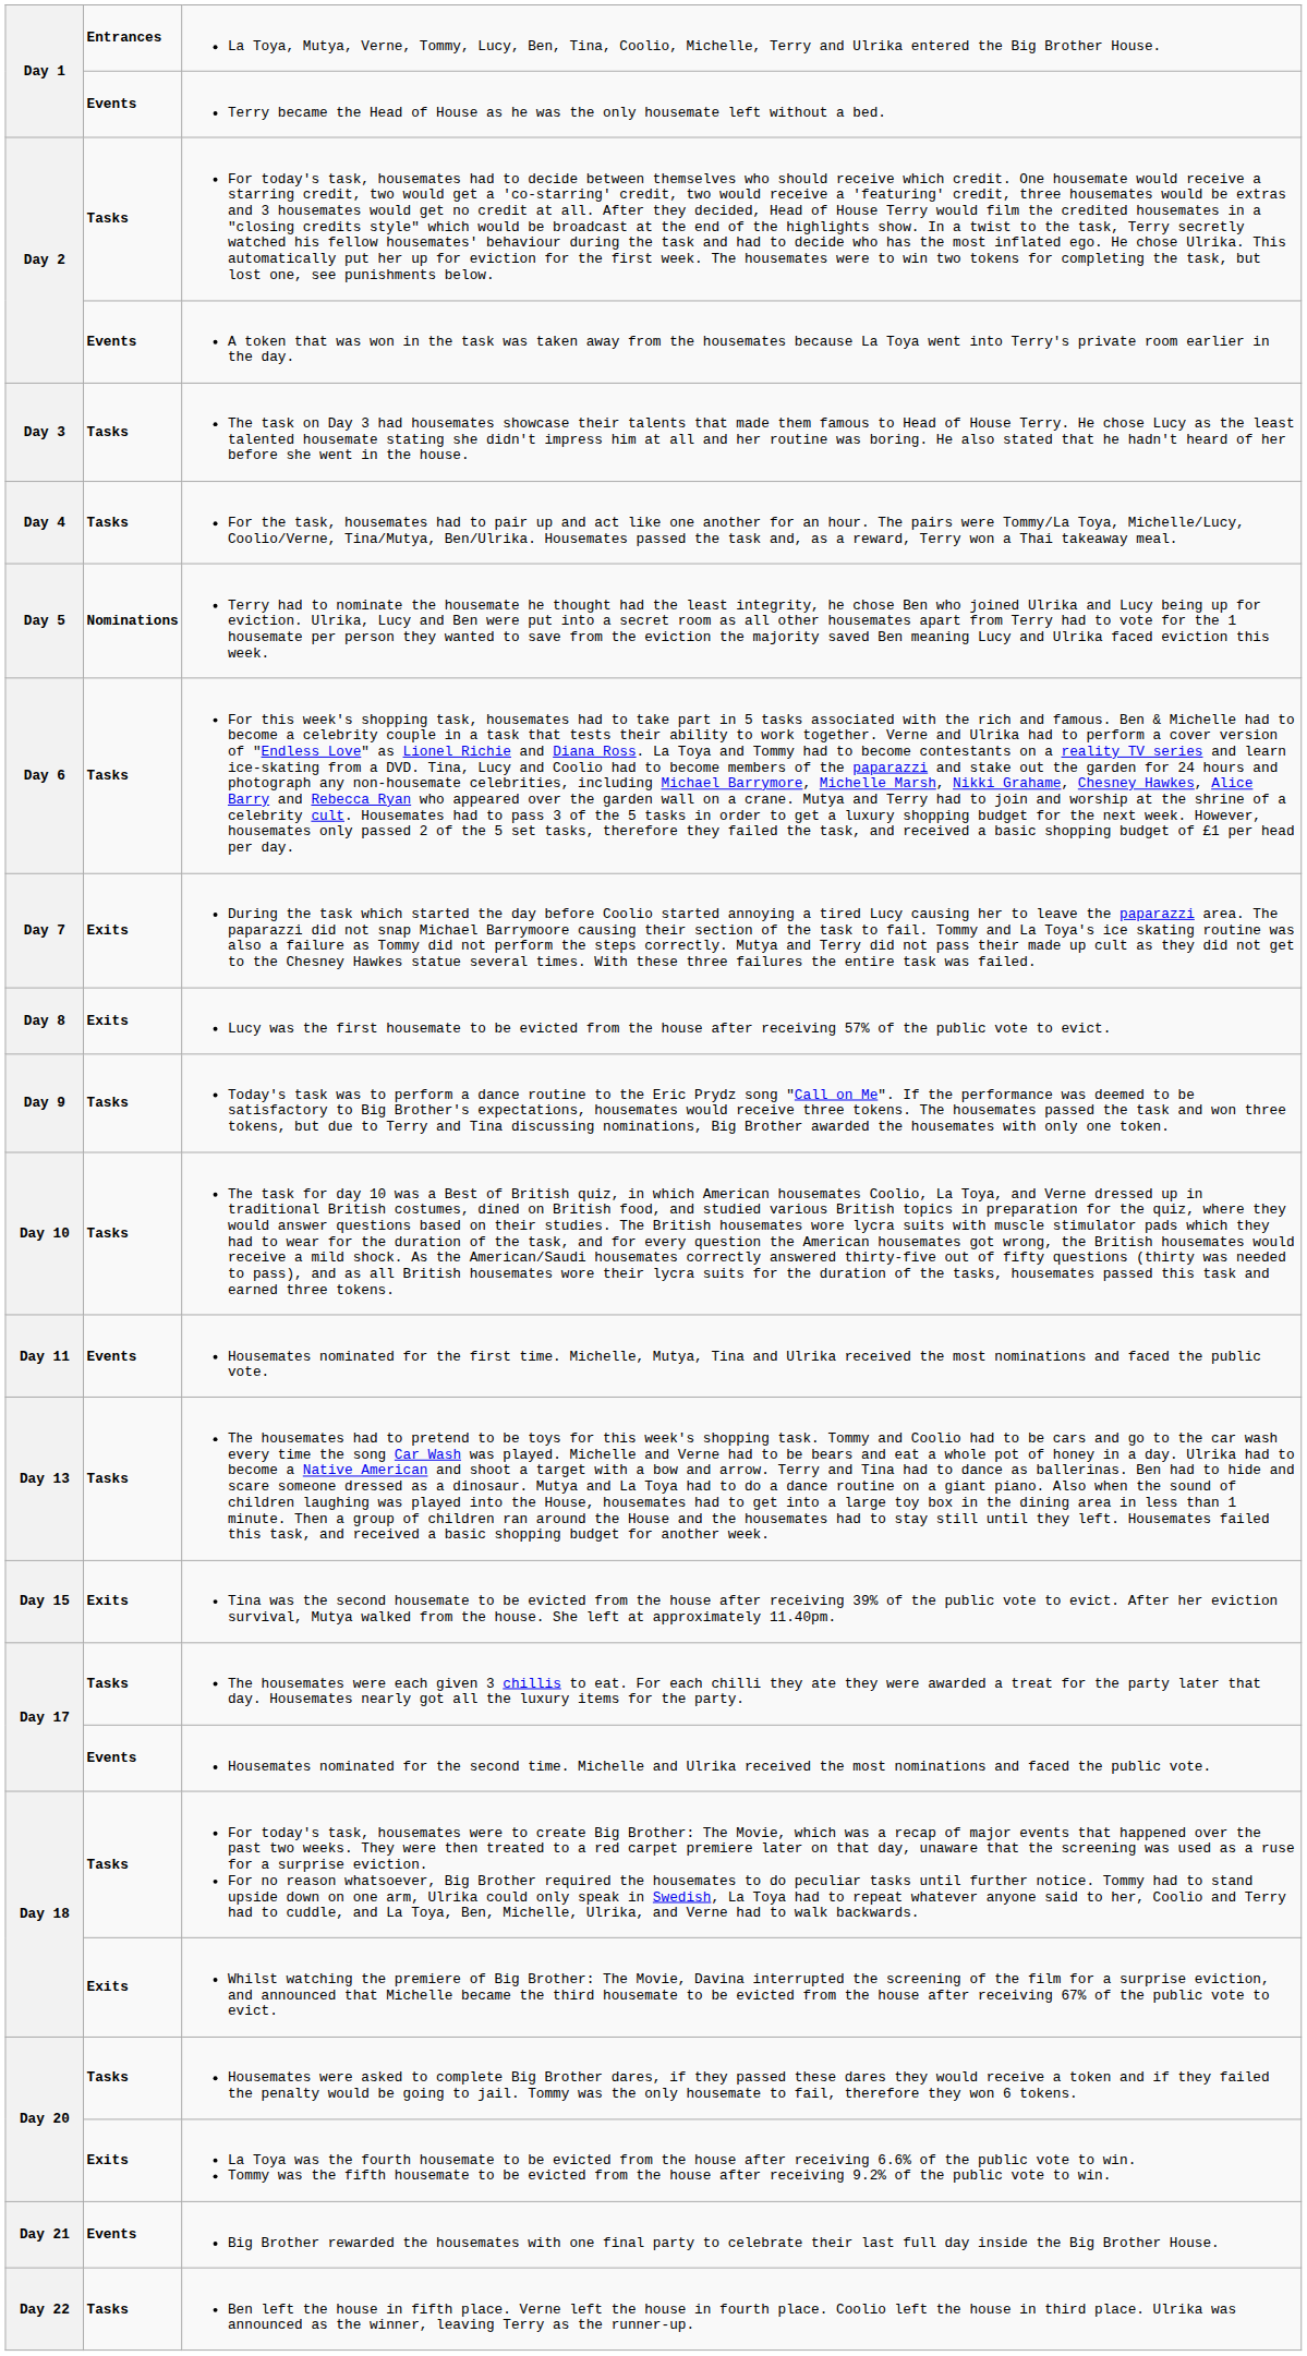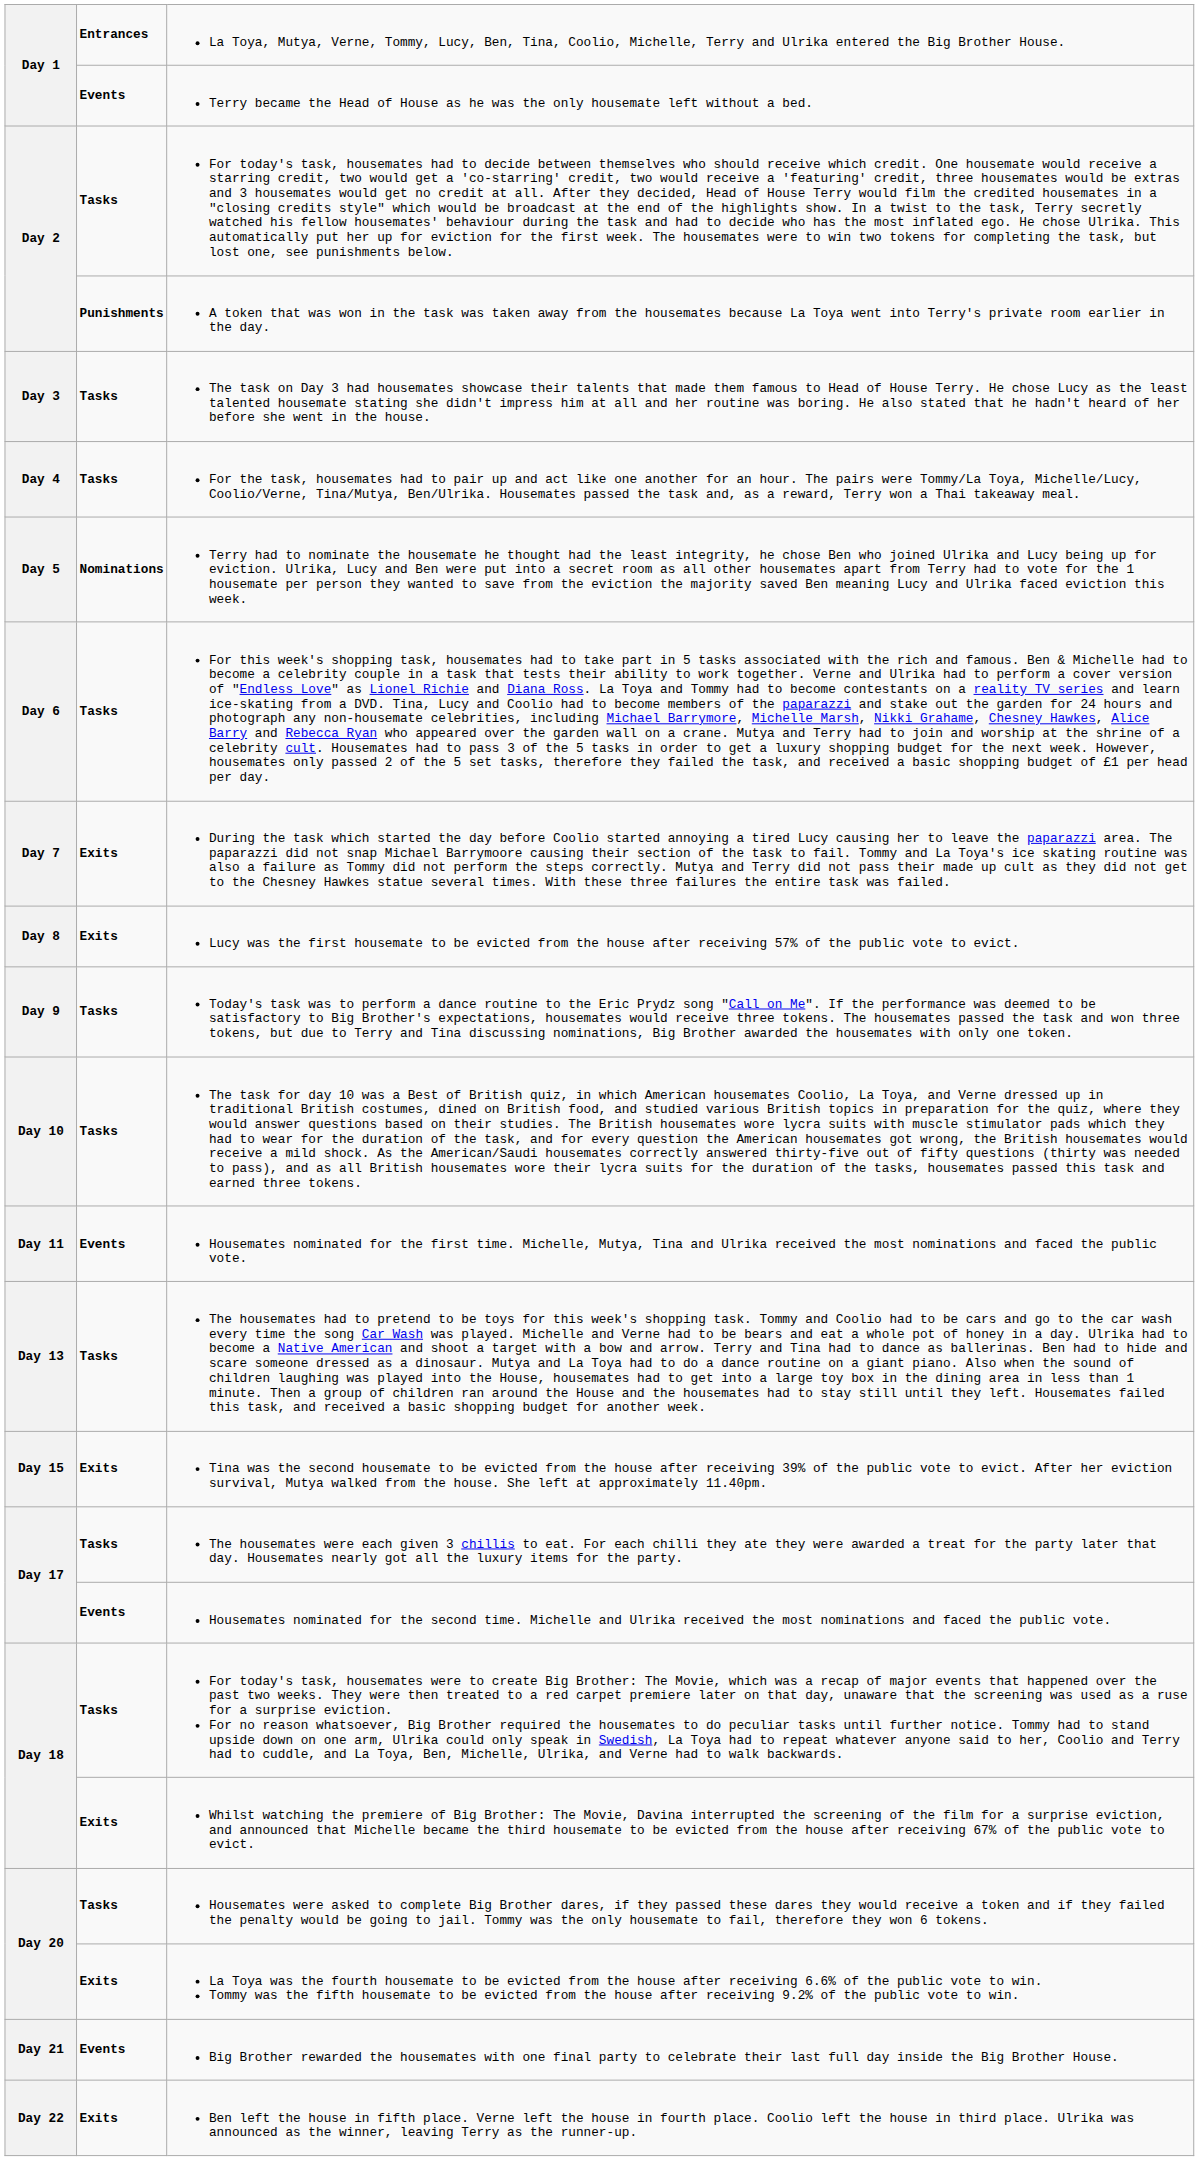 <table class="wikitable" style="width: 96%; margin-left: auto; margin-right: auto;">
 <tr>
 <th rowspan=2 style="width: 6%;"><strong>Day 1</strong></th>
 <td><strong>Entrances</strong></td>
 <td><br><ul><li>La Toya, Mutya, Verne, Tommy, Lucy, Ben, Tina, Coolio, Michelle, Terry and Ulrika entered the Big Brother House.</li></ul></td>
 </tr>
 <tr>
 <td><strong>Events</strong></td>
 <td><br><ul><li>Terry became the Head of House as he was the only housemate left without a bed.</li></ul></td>
 </tr>
 <tr>
 <th rowspan="2" style="width: 6%;"><strong>Day 2</strong></th>
 <td><strong>Tasks</strong></td>
 <td><br><ul><li>For today's task, housemates had to decide between themselves who should receive which credit. One housemate would receive a starring credit, two would get a 'co-starring' credit, two would receive a 'featuring' credit, three housemates would be extras and 3 housemates would get no credit at all. After they decided, Head of House Terry would film the credited housemates in a "closing credits style" which would be broadcast at the end of the highlights show. In a twist to the task, Terry secretly watched his fellow housemates'  behaviour during the task and had to decide who has the most inflated ego. He chose Ulrika. This automatically put her up for eviction for the first week. The housemates were to win two tokens for completing the task, but lost one, see punishments below.</li></ul></td>
 </tr>
 <tr>
-<td><strong>Events</strong></td>
+<td><strong>Punishments</strong></td>
 <td><br><ul><li>A token that was won in the task was taken away from the housemates because La Toya went into Terry's private room earlier in the day.</li></ul></td>
 </tr>
 <tr>
 <th style="width: 6%;"><strong>Day 3</strong></th>
 <td><strong>Tasks</strong></td>
 <td><br><ul><li>The task on Day 3 had housemates showcase their talents that made them famous to Head of House Terry. He chose Lucy as the least talented housemate stating she didn't impress him at all and her routine was boring. He also stated that he hadn't heard of her before she went in the house.</li></ul></td>
 </tr>
 <tr>
 <th style="width: 6%;"><strong>Day 4</strong></th>
 <td><strong>Tasks</strong></td>
 <td><br><ul><li>For the task, housemates had to pair up and act like one another for an hour. The pairs were Tommy/La Toya, Michelle/Lucy, Coolio/Verne, Tina/Mutya, Ben/Ulrika. Housemates passed the task and, as a reward, Terry won a Thai takeaway meal.</li></ul></td>
 </tr>
 <tr>
 <th style="width: 6%;"><strong>Day 5</strong></th>
 <td><strong>Nominations</strong></td>
 <td><br><ul><li>Terry had to nominate the housemate he thought had the least integrity, he chose Ben who joined Ulrika and Lucy being up for eviction. Ulrika, Lucy and Ben were put into a secret room as all other housemates apart from Terry had to vote for the 1 housemate per person they wanted to save from the eviction the majority saved Ben meaning Lucy and Ulrika faced eviction this week.</li></ul></td>
 </tr>
 <tr>
 <th style="width: 6%;"><strong>Day 6</strong></th>
 <td><strong>Tasks</strong></td>
 <td><br><ul><li>For this week's shopping task, housemates had to take part in 5 tasks associated with the rich and famous. Ben & Michelle had to become a celebrity couple in a task that tests their ability to work together. Verne and Ulrika had to perform a cover version of "<a href='#'>Endless Love</a>" as <a href='#'>Lionel Richie</a> and <a href='#'>Diana Ross</a>. La Toya and Tommy had to become contestants on a <a href='#'>reality TV series</a> and learn ice-skating from a DVD. Tina, Lucy and Coolio had to become members of the <a href='#'>paparazzi</a> and stake out the garden for 24 hours and photograph any non-housemate celebrities, including <a href='#'>Michael Barrymore</a>, <a href='#'>Michelle Marsh</a>, <a href='#'>Nikki Grahame</a>, <a href='#'>Chesney Hawkes</a>, <a href='#'>Alice Barry</a> and <a href='#'>Rebecca Ryan</a> who appeared over the garden wall on a crane. Mutya and Terry had to join and worship at the shrine of a celebrity <a href='#'>cult</a>. Housemates had to pass 3 of the 5 tasks in order to get a luxury shopping budget for the next week. However, housemates only passed 2 of the 5 set tasks, therefore they failed the task, and received a basic shopping budget of £1 per head per day.</li></ul></td>
 </tr>
 <tr>
 <th style="width: 6%;"><strong>Day 7</strong></th>
 <td><strong>Exits</strong></td>
 <td><br><ul><li>During the task which started the day before Coolio started annoying a tired Lucy causing her to leave the <a href='#'>paparazzi</a> area. The paparazzi did not snap Michael Barrymoore causing their section of the task to fail. Tommy and La Toya's ice skating routine was also a failure as Tommy did not perform the steps correctly. Mutya and Terry did not pass their made up cult as they did not get to the Chesney Hawkes statue several times. With these three failures the entire task was failed.</li></ul></td>
 </tr>
 <tr>
 <th style="width: 6%;"><strong>Day 8</strong></th>
 <td><strong>Exits</strong></td>
 <td><br><ul><li>Lucy was the first housemate to be evicted from the house after receiving 57% of the public vote to evict.</li></ul></td>
 </tr>
 <tr>
 <th style="width: 6%;"><strong>Day 9</strong></th>
 <td><strong>Tasks</strong></td>
 <td><br><ul><li>Today's task was to perform a dance routine to the Eric Prydz song "<a href='#'>Call on Me</a>". If the performance was deemed to be satisfactory to Big Brother's expectations, housemates would receive three tokens. The housemates passed the task and won three tokens, but due to Terry and Tina discussing nominations, Big Brother awarded the housemates with only one token.</li></ul></td>
 </tr>
 <tr>
 <th style="width: 6%;"><strong>Day 10</strong></th>
 <td><strong>Tasks</strong></td>
 <td><br><ul><li>The task for day 10 was a Best of British quiz, in which American housemates Coolio, La Toya, and Verne dressed up in traditional British costumes, dined on British food, and studied various British topics in preparation for the quiz, where they would answer questions based on their studies. The British housemates wore lycra suits with muscle stimulator pads which they had to wear for the duration of the task, and for every question the American housemates got wrong, the British housemates would receive a mild shock. As the American/Saudi housemates correctly answered thirty-five out of fifty questions (thirty was needed to pass), and as all British housemates wore their lycra suits for the duration of the tasks, housemates passed this task and earned three tokens.</li></ul></td>
 </tr>
 <tr>
 <th style="width: 6%;"><strong>Day 11</strong></th>
 <td><strong>Events</strong></td>
 <td><br><ul><li>Housemates nominated for the first time. Michelle, Mutya, Tina and Ulrika received the most nominations and faced the public vote.</li></ul></td>
 </tr>
 <tr>
 <th style="width: 6%;"><strong>Day 13</strong></th>
 <td><strong>Tasks</strong></td>
 <td><br><ul><li>The housemates had to pretend to be toys for this week's shopping task. Tommy and Coolio had to be cars and go to the car wash every time the song <a href='#'>Car Wash</a> was played. Michelle and Verne had to be bears and eat a whole pot of honey in a day. Ulrika had to become a <a href='#'>Native American</a> and shoot a target with a bow and arrow. Terry and Tina had to dance as ballerinas. Ben had to hide and scare someone dressed as a dinosaur. Mutya and La Toya had to do a dance routine on a giant piano. Also when the sound of children laughing was played into the House, housemates had to get into a large toy box in the dining area in less than 1 minute. Then a group of children ran around the House and the housemates had to stay still until they left. Housemates failed this task, and received a basic shopping budget for another week.</li></ul></td>
 </tr>
 <tr>
 <th style="width: 6%;"><strong>Day 15</strong></th>
 <td><strong>Exits</strong></td>
 <td><br><ul><li>Tina was the second housemate to be evicted from the house after receiving 39% of the public vote to evict. After her eviction survival, Mutya walked from the house. She left at approximately 11.40pm.</li></ul></td>
 </tr>
 <tr>
 <th rowspan="2" style="width: 6%;"><strong>Day 17</strong></th>
 <td><strong>Tasks</strong></td>
 <td><br><ul><li>The housemates were each given 3 <a href='#'>chillis</a> to eat. For each chilli they ate they were awarded a treat for the party later that day. Housemates nearly got all the luxury items for the party.</li></ul></td>
 </tr>
 <tr>
 <td><strong>Events</strong></td>
 <td><br><ul><li>Housemates nominated for the second time. Michelle and Ulrika received the most nominations and faced the public vote.</li></ul></td>
 </tr>
 <tr>
 <th rowspan="2" style="width: 6%;"><strong>Day 18</strong></th>
 <td><strong>Tasks</strong></td>
 <td><br><ul><li>For today's task, housemates were to create Big Brother: The Movie, which was a recap of major events that happened over the past two weeks. They were then treated to a red carpet premiere later on that day, unaware that the screening was used as a ruse for a surprise eviction.</li><li>For no reason whatsoever, Big Brother required the housemates to do peculiar tasks until further notice. Tommy had to stand upside down on one arm, Ulrika could only speak in <a href='#'>Swedish</a>, La Toya had to repeat whatever anyone said to her, Coolio and Terry had to cuddle, and La Toya, Ben, Michelle, Ulrika, and Verne had to walk backwards.</li></ul></td>
 </tr>
 <tr>
 <td><strong>Exits</strong></td>
 <td><br><ul><li>Whilst watching the premiere of Big Brother: The Movie, Davina interrupted the screening of the film for a surprise eviction, and announced that Michelle became the third housemate to be evicted from the house after receiving 67% of the public vote to evict.</li></ul></td>
 </tr>
 <tr>
 <th style="width: 6%;" rowspan=2><strong>Day 20</strong></th>
 <td><strong>Tasks</strong></td>
 <td><br><ul><li>Housemates were asked to complete Big Brother dares, if they passed these dares they would receive a token and if they failed the penalty would be going to jail. Tommy was the only housemate to fail, therefore they won 6 tokens.</li></ul></td>
 </tr>
 <tr>
 <td><strong>Exits</strong></td>
 <td><br><ul><li>La Toya was the fourth housemate to be evicted from the house after receiving 6.6% of the public vote to win.</li><li>Tommy was the fifth housemate to be evicted from the house after receiving 9.2% of the public vote to win.</li></ul></td>
 </tr>
 <tr>
 <th style="width: 6%;"><strong>Day 21</strong></th>
 <td><strong>Events</strong></td>
 <td><br><ul><li>Big Brother rewarded the housemates with one final party to celebrate their last full day inside the Big Brother House.</li></ul></td>
 </tr>
 <tr>
 <th 6%;><strong>Day 22</strong></th>
-<td><strong>Tasks</strong></td>
+<td><strong>Exits</strong></td>
 <td><br><ul><li>Ben left the house in fifth place. Verne left the house in fourth place. Coolio left the house in third place. Ulrika was announced as the winner, leaving Terry as the runner-up.</li></ul></td>
 </tr>
 </table>
